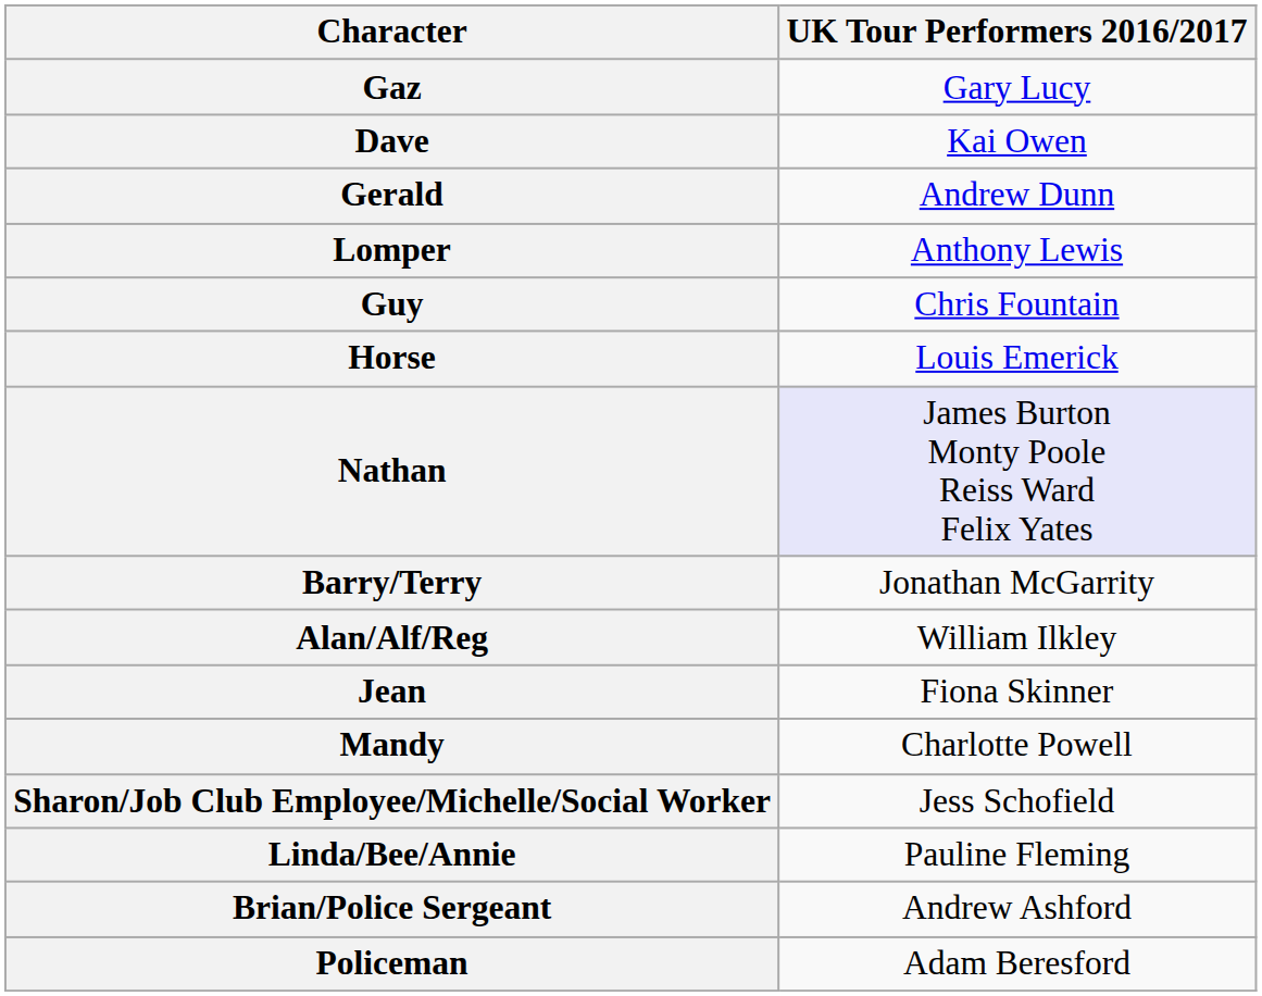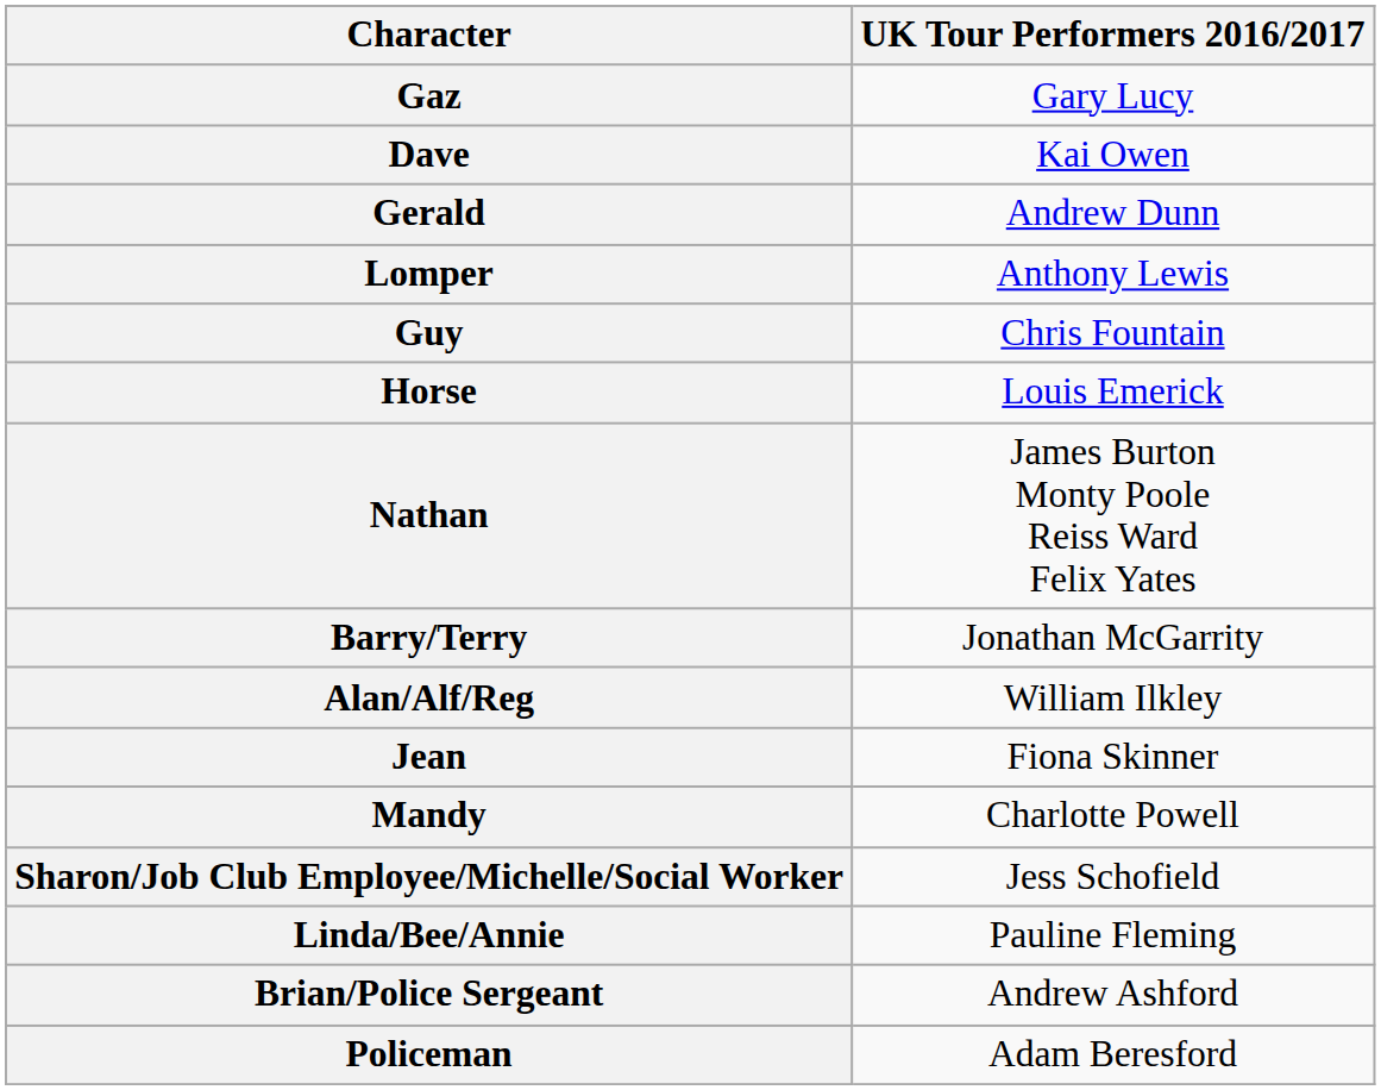 <table class="wikitable">
 <tr>
 <th scope="col">Character</th>
 <th scope="col" class="unsortable">UK Tour Performers 2016/2017</th>
 </tr>
 <tr>
 <th scope="row">Gaz</th>
 <td align="center" colspan="2"><a href='#'>Gary Lucy</a></td>
 </tr>
 <tr>
 <th scope="row">Dave</th>
 <td align="center" colspan="2"><a href='#'>Kai Owen</a></td>
 </tr>
 <tr>
 <th scope="row">Gerald</th>
 <td align="center" colspan="2"><a href='#'>Andrew Dunn</a></td>
 </tr>
 <tr>
 <th scope="row">Lomper</th>
 <td align="center" colspan="2"><a href='#'>Anthony Lewis</a></td>
 </tr>
 <tr>
 <th scope="row">Guy</th>
 <td align="center" colspan="2"><a href='#'>Chris Fountain</a></td>
 </tr>
 <tr>
 <th scope="row">Horse</th>
 <td align="center" colspan="2"><a href='#'>Louis Emerick</a></td>
 </tr>
 <tr>
 <th scope="row">Nathan</th>
-<td align="center" colspan="1" style="background: lavender;">James Burton<br>Monty Poole<br>Reiss Ward<br>Felix Yates</td>
+<td align="center" colspan="1">James Burton<br>Monty Poole<br>Reiss Ward<br>Felix Yates</td>
 </tr>
 <tr>
 <th scope="row">Barry/Terry</th>
 <td align="center" colspan="2">Jonathan McGarrity</td>
 </tr>
 <tr>
 <th scope="row">Alan/Alf/Reg</th>
 <td align="center" colspan="2">William Ilkley</td>
 </tr>
 <tr>
 <th scope="row">Jean</th>
 <td align="center" colspan="2">Fiona Skinner</td>
 </tr>
 <tr>
 <th scope="row">Mandy</th>
 <td align="center" colspan="2">Charlotte Powell</td>
 </tr>
 <tr>
 <th scope="row">Sharon/Job Club Employee/Michelle/Social Worker</th>
 <td align="center" colspan="2">Jess Schofield</td>
 </tr>
 <tr>
 <th scope="row">Linda/Bee/Annie</th>
 <td align="center" colspan="2">Pauline Fleming</td>
 </tr>
 <tr>
 <th scope="row">Brian/Police Sergeant</th>
 <td align="center" colspan="2">Andrew Ashford</td>
 </tr>
 <tr>
 <th scope="row">Policeman</th>
 <td align="center" colspan="2">Adam Beresford</td>
 </tr>
 </table>
